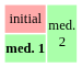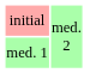 <table>
 <tr align=center>
 <td style="width:30px; background:#faa; height:30px;">initial</td>
 <td style="background:#afa; width:30px;" rowspan="2">med.<br>2</td>
 </tr>
 <tr align=center>
-<td style="background:#afa; height:30px;"><strong>med. 1</strong></td>
+<td style="background:#afa; height:30px;">med. 1</td>
 </tr>
 </table>
